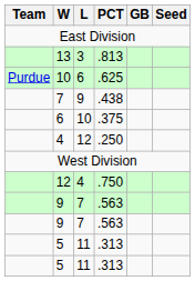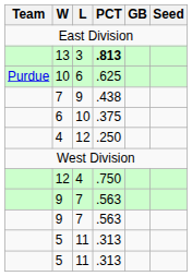 <table class=wikitable>
 <tr>
 <th>Team</th>
 <th>W</th>
 <th>L</th>
 <th>PCT</th>
 <th>GB</th>
 <th>Seed</th>
 </tr>
 <tr align=center>
 <td colspan=6>East Division</td>
 </tr>
 <tr bgcolor=#ccffcc>
 <td></td>
 <td>13</td>
 <td>3</td>
-<td>.813</td>
+<td><strong>.813</strong></td>
 <td></td>
 <td></td>
 </tr>
 <tr bgcolor=#ccffcc>
 <td><a href='#'>Purdue</a></td>
 <td>10</td>
 <td>6</td>
 <td>.625</td>
 <td></td>
 <td></td>
 </tr>
 <tr>
 <td></td>
 <td>7</td>
 <td>9</td>
 <td>.438</td>
 <td></td>
 <td></td>
 </tr>
 <tr>
 <td></td>
 <td>6</td>
 <td>10</td>
 <td>.375</td>
 <td></td>
 <td></td>
 </tr>
 <tr>
 <td></td>
 <td>4</td>
 <td>12</td>
 <td>.250</td>
 <td></td>
 <td></td>
 </tr>
 <tr align=center>
 <td colspan=6>West Division</td>
 </tr>
 <tr bgcolor=#ccffcc>
 <td></td>
 <td>12</td>
 <td>4</td>
 <td>.750</td>
 <td></td>
 <td></td>
 </tr>
 <tr bgcolor=#ccffcc>
 <td></td>
 <td>9</td>
 <td>7</td>
 <td>.563</td>
 <td></td>
 <td></td>
 </tr>
 <tr>
 <td></td>
 <td>9</td>
 <td>7</td>
 <td>.563</td>
 <td></td>
 <td></td>
 </tr>
 <tr>
 <td></td>
 <td>5</td>
 <td>11</td>
 <td>.313</td>
 <td></td>
 <td></td>
 </tr>
 <tr>
 <td></td>
 <td>5</td>
 <td>11</td>
 <td>.313</td>
 <td></td>
 <td></td>
 </tr>
 </table>
